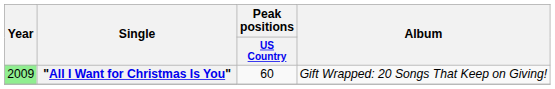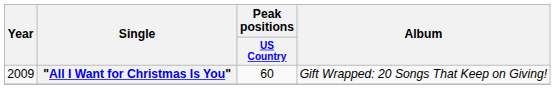 <table class="wikitable plainrowheaders" style="text-align:center;">
 <tr>
 <th rowspan="2">Year</th>
 <th rowspan="2" style="width:16em;">Single</th>
 <th colspan="1">Peak positions</th>
 <th rowspan="2">Album</th>
 </tr>
 <tr style="font-size:smaller;">
 <th width="60"><a href='#'>US Country</a></th>
 </tr>
 <tr>
-<td style="background: lightgreen;">2009</td>
+<td>2009</td>
 <th scope="row">"<a href='#'>All I Want for Christmas Is You</a>"</th>
 <td align="center">60</td>
 <td><em>Gift Wrapped: 20 Songs That Keep on Giving!</em></td>
 </tr>
 <tr>
 </tr>
 </table>
